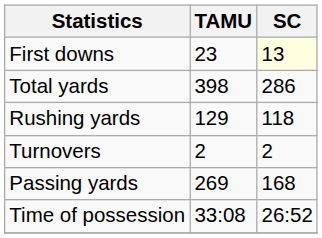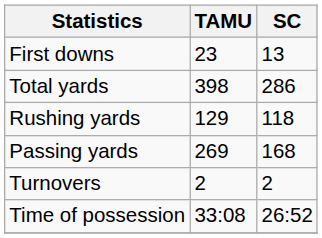 <table class="wikitable" style="float: left;">
 <tr>
 <th>Statistics</th>
 <th>TAMU</th>
 <th>SC</th>
 </tr>
 <tr>
 <td>First downs</td>
 <td>23</td>
-<td style="background: lightyellow;">13</td>
+<td>13</td>
 </tr>
 <tr>
 <td>Total yards</td>
 <td>398</td>
 <td>286</td>
 </tr>
 <tr>
 <td>Rushing yards</td>
 <td>129</td>
 <td>118</td>
 </tr>
 <tr>
+<td>Passing yards</td>
+<td>269</td>
+<td>168</td>
+</tr>
+<tr>
 <td>Turnovers</td>
 <td>2</td>
 <td>2</td>
-</tr>
-<tr>
-<td>Passing yards</td>
-<td>269</td>
-<td>168</td>
 </tr>
 <tr>
 <td>Time of possession</td>
 <td>33:08</td>
 <td>26:52</td>
 </tr>
 <tr>
 </tr>
 </table>
